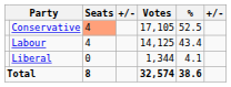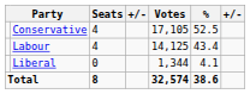 <table class="wikitable sortable">
 <tr>
 <th colspan="2">Party</th>
 <th>Seats</th>
 <th>+/-</th>
 <th>Votes</th>
 <th>%</th>
 <th>+/-</th>
 </tr>
 <tr>
 <td style="background-color: "></td>
 <td><a href='#'>Conservative</a></td>
-<td style="background: lightsalmon;">4</td>
+<td>4</td>
 <td></td>
 <td style="text-align:right;">17,105</td>
 <td style="text-align:right;">52.5</td>
 <td style="text-align:right;"></td>
 </tr>
 <tr>
 <td style="background-color: "></td>
 <td><a href='#'>Labour</a></td>
 <td>4</td>
 <td></td>
 <td style="text-align:right;">14,125</td>
 <td style="text-align:right;">43.4</td>
 <td style="text-align:right;"></td>
 </tr>
 <tr>
 <td style="background-color: "></td>
 <td><a href='#'>Liberal</a></td>
 <td>0</td>
 <td></td>
 <td style="text-align:right;">1,344</td>
 <td style="text-align:right;">4.1</td>
 <td style="text-align:right;"></td>
 </tr>
 <tr>
 <td colspan="2"><strong>Total</strong></td>
 <td><strong>8</strong></td>
 <td></td>
 <td style="text-align:right;"><strong>32,574</strong></td>
 <td style="text-align:right;"><strong>38.6</strong></td>
 <td></td>
 </tr>
 </table>
